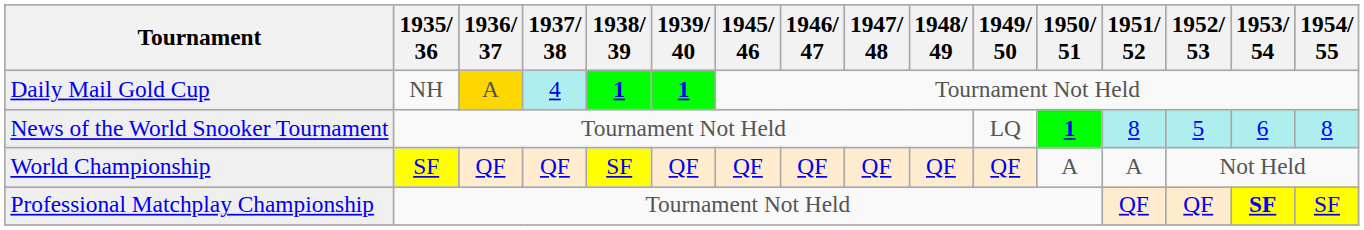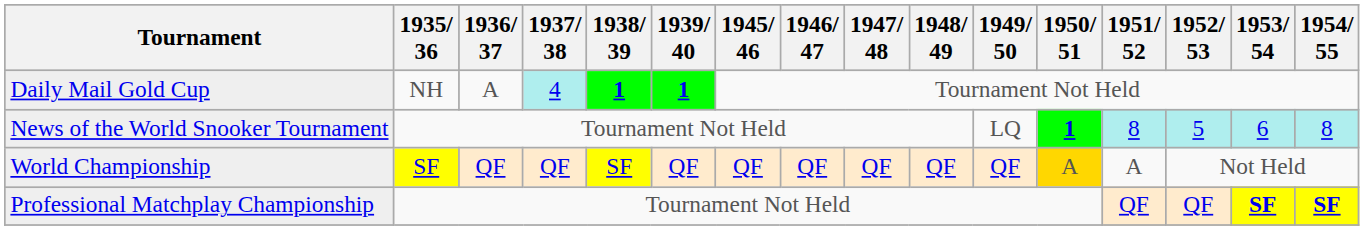 <table class="wikitable"  style="font-size:85%;">
 <tr>
 <th>Tournament</th>
 <th>1935/<br>36</th>
 <th>1936/<br>37</th>
 <th>1937/<br>38</th>
 <th>1938/<br>39</th>
 <th>1939/<br>40</th>
 <th>1945/<br>46</th>
 <th>1946/<br>47</th>
 <th>1947/<br>48</th>
 <th>1948/<br>49</th>
 <th>1949/<br>50</th>
 <th>1950/<br>51</th>
 <th>1951/<br>52</th>
 <th>1952/<br>53</th>
 <th>1953/<br>54</th>
 <th>1954/<br>55</th>
 </tr>
 <tr>
 <td style="background:#EFEFEF;"><a href='#'>Daily Mail Gold Cup</a></td>
 <td align="center" style="color:#555555;">NH</td>
-<td align="center" style="background: gold; color:#555555;">A</td>
+<td align="center" style="color:#555555;">A</td>
 <td align="center" style="background:#afeeee;"><a href='#'>4</a></td>
 <td align="center" style="background:#0f0;"><a href='#'><strong>1</strong></a></td>
 <td align="center" style="background:#0f0;"><a href='#'><strong>1</strong></a></td>
 <td colspan="10" style="text-align:center; color:#555555;">Tournament Not Held</td>
 </tr>
 <tr>
 <td style="background:#EFEFEF;"><a href='#'>News of the World Snooker Tournament</a></td>
 <td colspan="9" style="text-align:center; color:#555555;">Tournament Not Held</td>
 <td align="center" style="color:#555555;">LQ</td>
 <td align="center" style="background:#0f0;"><a href='#'><strong>1</strong></a></td>
 <td align="center" style="background:#afeeee;"><a href='#'>8</a></td>
 <td align="center" style="background:#afeeee;"><a href='#'>5</a></td>
 <td align="center" style="background:#afeeee;"><a href='#'>6</a></td>
 <td align="center" style="background:#afeeee;"><a href='#'>8</a></td>
 </tr>
 <tr>
 <td style="background:#EFEFEF;"><a href='#'>World Championship</a></td>
 <td style="text-align:center; background:yellow;"><a href='#'>SF</a></td>
 <td style="text-align:center; background:#ffebcd;"><a href='#'>QF</a></td>
 <td style="text-align:center; background:#ffebcd;"><a href='#'>QF</a></td>
 <td style="text-align:center; background:yellow;"><a href='#'>SF</a></td>
 <td style="text-align:center; background:#ffebcd;"><a href='#'>QF</a></td>
 <td style="text-align:center; background:#ffebcd;"><a href='#'>QF</a></td>
 <td style="text-align:center; background:#ffebcd;"><a href='#'>QF</a></td>
 <td style="text-align:center; background:#ffebcd;"><a href='#'>QF</a></td>
 <td style="text-align:center; background:#ffebcd;"><a href='#'>QF</a></td>
 <td style="text-align:center; background:#ffebcd;"><a href='#'>QF</a></td>
-<td align="center" style="color:#555555;">A</td>
+<td align="center" style="background: gold; color:#555555;">A</td>
 <td align="center" style="color:#555555;">A</td>
 <td colspan="3" style="text-align:center; color:#555555;">Not Held</td>
 </tr>
 <tr>
 <td style="background:#EFEFEF;"><a href='#'>Professional Matchplay Championship</a></td>
 <td colspan="11" style="text-align:center; color:#555555;">Tournament Not Held</td>
 <td style="text-align:center; background:#ffebcd;"><a href='#'>QF</a></td>
 <td style="text-align:center; background:#ffebcd;"><a href='#'>QF</a></td>
 <td style="text-align:center; background:yellow;"><strong><a href='#'>SF</a></strong></td>
-<td style="text-align:center; background:yellow;"><a href='#'>SF</a></td>
+<td style="text-align:center; background:yellow;"><strong><a href='#'>SF</a></strong></td>
 </tr>
 </table>
